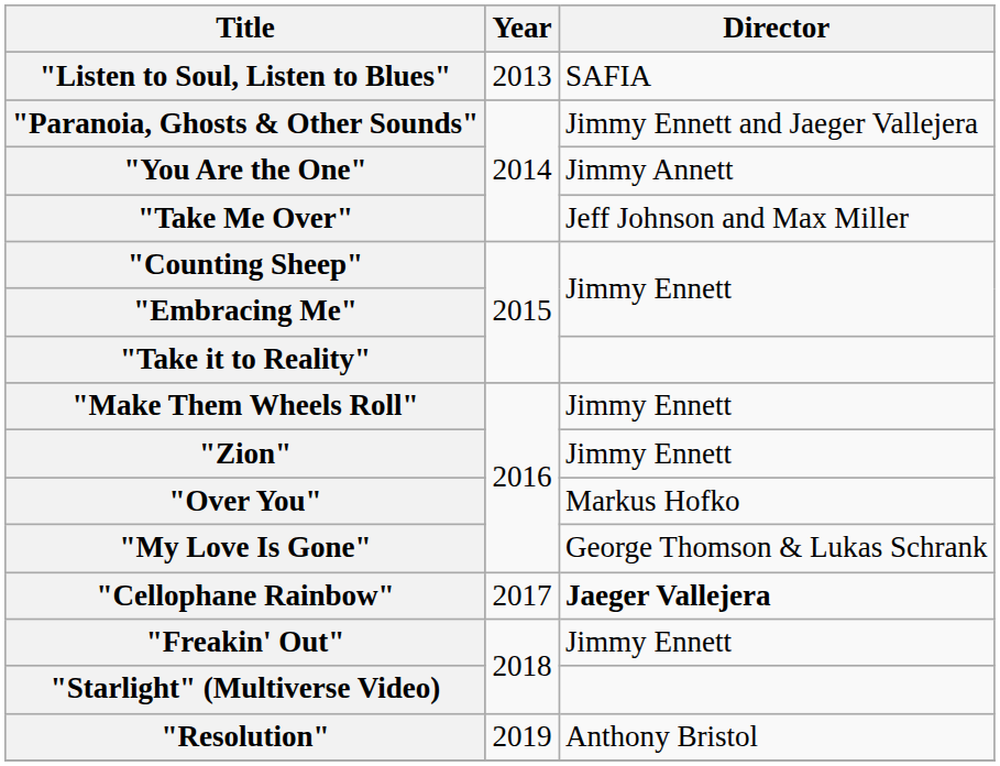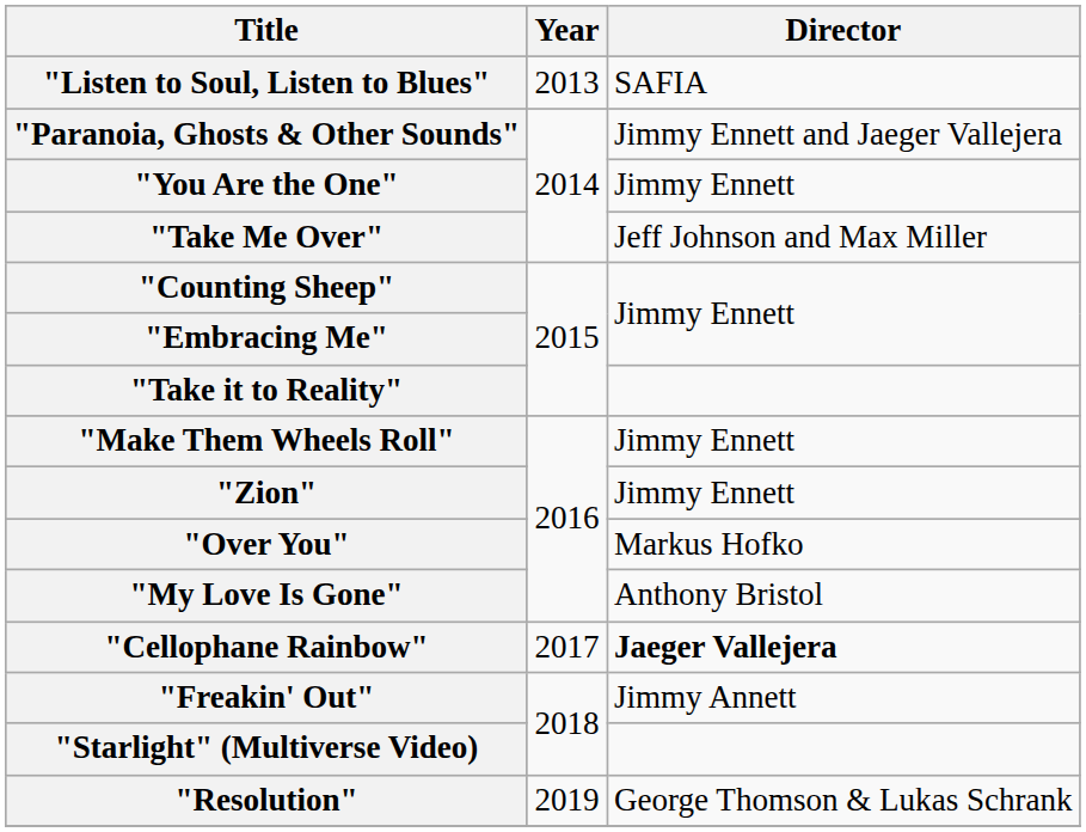 <table class="wikitable plainrowheaders" border="1">
 <tr>
 <th scope="col">Title</th>
 <th scope="col">Year</th>
 <th scope="col">Director</th>
 </tr>
 <tr>
 <th scope="row">"Listen to Soul, Listen to Blues"</th>
 <td style="text-align:center;">2013</td>
 <td>SAFIA</td>
 </tr>
 <tr>
 <th scope="row">"Paranoia, Ghosts & Other Sounds"</th>
 <td rowspan="3" style="text-align:center;">2014</td>
 <td>Jimmy Ennett and Jaeger Vallejera</td>
 </tr>
 <tr>
 <th scope="row">"You Are the One"</th>
-<td>Jimmy Annett</td>
+<td>Jimmy Ennett</td>
 </tr>
 <tr>
 <th scope="row">"Take Me Over" <br></th>
 <td>Jeff Johnson and Max Miller</td>
 </tr>
 <tr>
 <th scope="row">"Counting Sheep"</th>
 <td rowspan="3" style="text-align:center;">2015</td>
 <td rowspan="2">Jimmy Ennett</td>
 </tr>
 <tr>
 <th scope="row">"Embracing Me"</th>
 </tr>
 <tr>
 <th scope="row">"Take it to Reality" <br></th>
 <td></td>
 </tr>
 <tr>
 <th scope="row">"Make Them Wheels Roll"</th>
 <td rowspan="4" style="text-align:center;">2016</td>
 <td>Jimmy Ennett</td>
 </tr>
 <tr>
 <th scope="row">"Zion"</th>
 <td rowspan="1">Jimmy Ennett</td>
 </tr>
 <tr>
 <th scope="row">"Over You"</th>
 <td>Markus Hofko</td>
 </tr>
 <tr>
 <th scope="row">"My Love Is Gone"</th>
-<td>George Thomson & Lukas Schrank</td>
+<td>Anthony Bristol</td>
 </tr>
 <tr>
 <th scope="row">"Cellophane Rainbow"</th>
 <td rowspan="1" style="text-align:center;">2017</td>
 <td><strong>Jaeger Vallejera</strong></td>
 </tr>
 <tr>
 <th scope="row">"Freakin' Out"</th>
 <td rowspan="2" style="text-align:center;">2018</td>
-<td>Jimmy Ennett</td>
+<td>Jimmy Annett</td>
 </tr>
 <tr>
 <th scope="row">"Starlight" (Multiverse Video) </th>
 <td></td>
 </tr>
 <tr>
 <th scope="row">"Resolution"</th>
 <td rowspan="1" style="text-align:center;">2019</td>
-<td>Anthony Bristol</td>
+<td>George Thomson & Lukas Schrank</td>
 </tr>
 <tr>
 </tr>
 </table>
